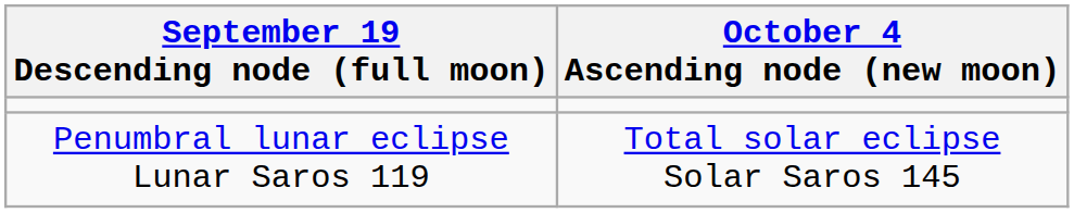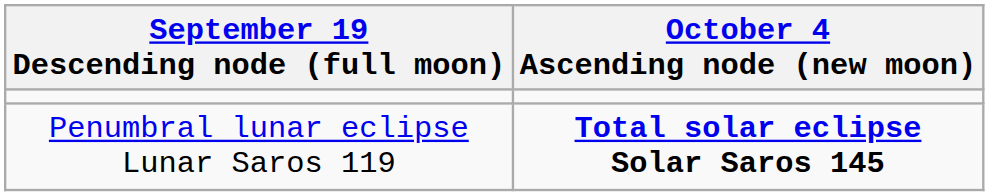 <table class="wikitable">
 <tr>
 <th><a href='#'>September 19</a><br>Descending node (full moon)<br></th>
 <th><a href='#'>October 4</a><br>Ascending node (new moon)<br></th>
 </tr>
 <tr>
 <td></td>
 <td></td>
 </tr>
 <tr align=center>
 <td><a href='#'>Penumbral lunar eclipse</a><br>Lunar Saros 119</td>
-<td><a href='#'>Total solar eclipse</a><br>Solar Saros 145</td>
+<td><strong><a href='#'>Total solar eclipse</a><br>Solar Saros 145</strong></td>
 </tr>
 </table>
